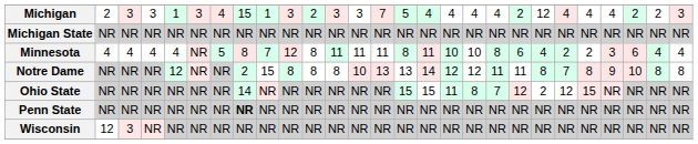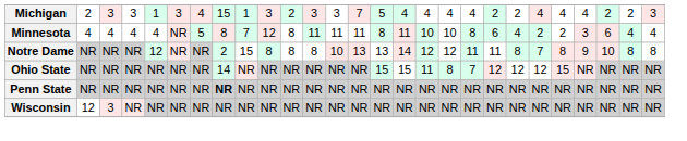 <table class="wikitable sortable" style="text-align: center;">
 <tr>
 </tr>
 <tr bgcolor=d0d0d0>
 <th>Michigan</th>
 <td bgcolor=FFFFFF>2</td>
 <td bgcolor=FFE6E6>3</td>
 <td bgcolor=FFFFFF>3</td>
 <td bgcolor=D8FFEB>1</td>
 <td bgcolor=FFE6E6>3</td>
 <td bgcolor=FFE6E6>4</td>
 <td bgcolor=D8FFEB>15</td>
 <td bgcolor=D8FFEB>1</td>
 <td bgcolor=FFE6E6>3</td>
 <td bgcolor=D8FFEB>2</td>
 <td bgcolor=FFE6E6>3</td>
 <td bgcolor=FFFFFF>3</td>
 <td bgcolor=FFE6E6>7</td>
 <td bgcolor=D8FFEB>5</td>
 <td bgcolor=D8FFEB>4</td>
 <td bgcolor=FFFFFF>4</td>
 <td bgcolor=FFFFFF>4</td>
 <td bgcolor=FFFFFF>4</td>
 <td bgcolor=D8FFEB>2</td>
-<td bgcolor=FFFFFF>12</td>
+<td bgcolor=FFFFFF>2</td>
 <td bgcolor=FFE6E6>4</td>
 <td bgcolor=FFFFFF>4</td>
 <td bgcolor=FFFFFF>4</td>
 <td bgcolor=D8FFEB>2</td>
 <td bgcolor=FFFFFF>2</td>
 <td bgcolor=FFE6E6>3</td>
-</tr>
-<tr bgcolor=d0d0d0>
-<th>Michigan State</th>
-<td>NR</td>
-<td>NR</td>
-<td>NR</td>
-<td>NR</td>
-<td>NR</td>
-<td>NR</td>
-<td>NR</td>
-<td>NR</td>
-<td>NR</td>
-<td>NR</td>
-<td>NR</td>
-<td>NR</td>
-<td>NR</td>
-<td>NR</td>
-<td>NR</td>
-<td>NR</td>
-<td>NR</td>
-<td>NR</td>
-<td>NR</td>
-<td>NR</td>
-<td>NR</td>
-<td>NR</td>
-<td>NR</td>
-<td>NR</td>
-<td>NR</td>
-<td>NR</td>
 </tr>
 <tr bgcolor=d0d0d0>
 <th>Minnesota</th>
 <td bgcolor=FFFFFF>4</td>
 <td bgcolor=FFFFFF>4</td>
 <td bgcolor=FFFFFF>4</td>
 <td bgcolor=FFFFFF>4</td>
 <td bgcolor=FFE6E6>NR</td>
 <td bgcolor=D8FFEB>5</td>
 <td bgcolor=FFE6E6>8</td>
 <td bgcolor=D8FFEB>7</td>
 <td bgcolor=FFE6E6>12</td>
 <td bgcolor=FFFFFF>8</td>
 <td bgcolor=D8FFEB>11</td>
 <td bgcolor=FFFFFF>11</td>
 <td bgcolor=FFFFFF>11</td>
 <td bgcolor=D8FFEB>8</td>
 <td bgcolor=FFE6E6>11</td>
 <td bgcolor=D8FFEB>10</td>
 <td bgcolor=FFFFFF>10</td>
 <td bgcolor=D8FFEB>8</td>
 <td bgcolor=D8FFEB>6</td>
 <td bgcolor=D8FFEB>4</td>
 <td bgcolor=D8FFEB>2</td>
 <td bgcolor=FFFFFF>2</td>
 <td bgcolor=FFE6E6>3</td>
 <td bgcolor=FFE6E6>6</td>
 <td bgcolor=D8FFEB>4</td>
 <td bgcolor=FFFFFF>4</td>
 </tr>
 <tr bgcolor=d0d0d0>
 <th>Notre Dame</th>
 <td>NR</td>
 <td>NR</td>
 <td>NR</td>
 <td bgcolor=D8FFEB>12</td>
 <td bgcolor=FFE6E6>NR</td>
 <td>NR</td>
 <td bgcolor=D8FFEB>2</td>
 <td bgcolor=FFFFFF>15</td>
 <td bgcolor=D8FFEB>8</td>
 <td bgcolor=FFFFFF>8</td>
 <td bgcolor=FFFFFF>8</td>
 <td bgcolor=FFE6E6>10</td>
 <td bgcolor=FFE6E6>13</td>
 <td bgcolor=FFFFFF>13</td>
 <td bgcolor=FFE6E6>14</td>
 <td bgcolor=D8FFEB>12</td>
 <td bgcolor=FFFFFF>12</td>
 <td bgcolor=D8FFEB>11</td>
 <td bgcolor=FFFFFF>11</td>
 <td bgcolor=D8FFEB>8</td>
 <td bgcolor=D8FFEB>7</td>
 <td bgcolor=FFE6E6>8</td>
 <td bgcolor=FFE6E6>9</td>
 <td bgcolor=FFE6E6>10</td>
 <td bgcolor=D8FFEB>8</td>
 <td bgcolor=FFFFFF>8</td>
 </tr>
 <tr bgcolor=d0d0d0>
 <th>Ohio State</th>
 <td>NR</td>
 <td>NR</td>
 <td>NR</td>
 <td>NR</td>
 <td>NR</td>
 <td>NR</td>
 <td bgcolor=D8FFEB>14</td>
 <td bgcolor=FFE6E6>NR</td>
 <td>NR</td>
 <td>NR</td>
 <td>NR</td>
 <td>NR</td>
 <td>NR</td>
 <td bgcolor=D8FFEB>15</td>
 <td bgcolor=FFFFFF>15</td>
 <td bgcolor=D8FFEB>11</td>
 <td bgcolor=D8FFEB>8</td>
 <td bgcolor=D8FFEB>7</td>
 <td bgcolor=FFE6E6>12</td>
-<td bgcolor=FFFFFF>2</td>
+<td bgcolor=FFFFFF>12</td>
 <td bgcolor=FFFFFF>12</td>
 <td bgcolor=FFE6E6>15</td>
 <td bgcolor=FFE6E6>NR</td>
 <td>NR</td>
 <td>NR</td>
 <td>NR</td>
 </tr>
 <tr bgcolor=d0d0d0>
 <th>Penn State</th>
 <td>NR</td>
 <td>NR</td>
 <td>NR</td>
 <td>NR</td>
 <td>NR</td>
 <td>NR</td>
 <td><strong>NR</strong></td>
 <td>NR</td>
 <td>NR</td>
 <td>NR</td>
 <td>NR</td>
 <td>NR</td>
 <td>NR</td>
 <td>NR</td>
 <td>NR</td>
 <td>NR</td>
 <td>NR</td>
 <td>NR</td>
 <td>NR</td>
 <td>NR</td>
 <td>NR</td>
 <td>NR</td>
 <td>NR</td>
 <td>NR</td>
 <td>NR</td>
 <td>NR</td>
 </tr>
 <tr bgcolor=d0d0d0>
 <th>Wisconsin</th>
 <td bgcolor=FFFFFF>12</td>
 <td bgcolor=FFE6E6>3</td>
 <td bgcolor=FFE6E6>NR</td>
 <td>NR</td>
 <td>NR</td>
 <td>NR</td>
 <td>NR</td>
 <td>NR</td>
 <td>NR</td>
 <td>NR</td>
 <td>NR</td>
 <td>NR</td>
 <td>NR</td>
 <td>NR</td>
 <td>NR</td>
 <td>NR</td>
 <td>NR</td>
 <td>NR</td>
 <td>NR</td>
 <td>NR</td>
 <td>NR</td>
 <td>NR</td>
 <td>NR</td>
 <td>NR</td>
 <td>NR</td>
 <td>NR</td>
 </tr>
 <tr>
 </tr>
 </table>
